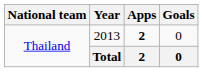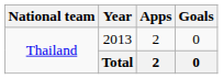 <table class="wikitable" style="text-align:center">
 <tr>
 <th>National team</th>
 <th>Year</th>
 <th>Apps</th>
 <th>Goals</th>
 </tr>
 <tr>
 <td rowspan="2" valign="center"><a href='#'>Thailand</a></td>
 <td>2013</td>
-<td><strong>2</strong></td>
+<td>2</td>
 <td>0</td>
 </tr>
 <tr>
 <th>Total</th>
 <th>2</th>
 <th>0</th>
 </tr>
 </table>
